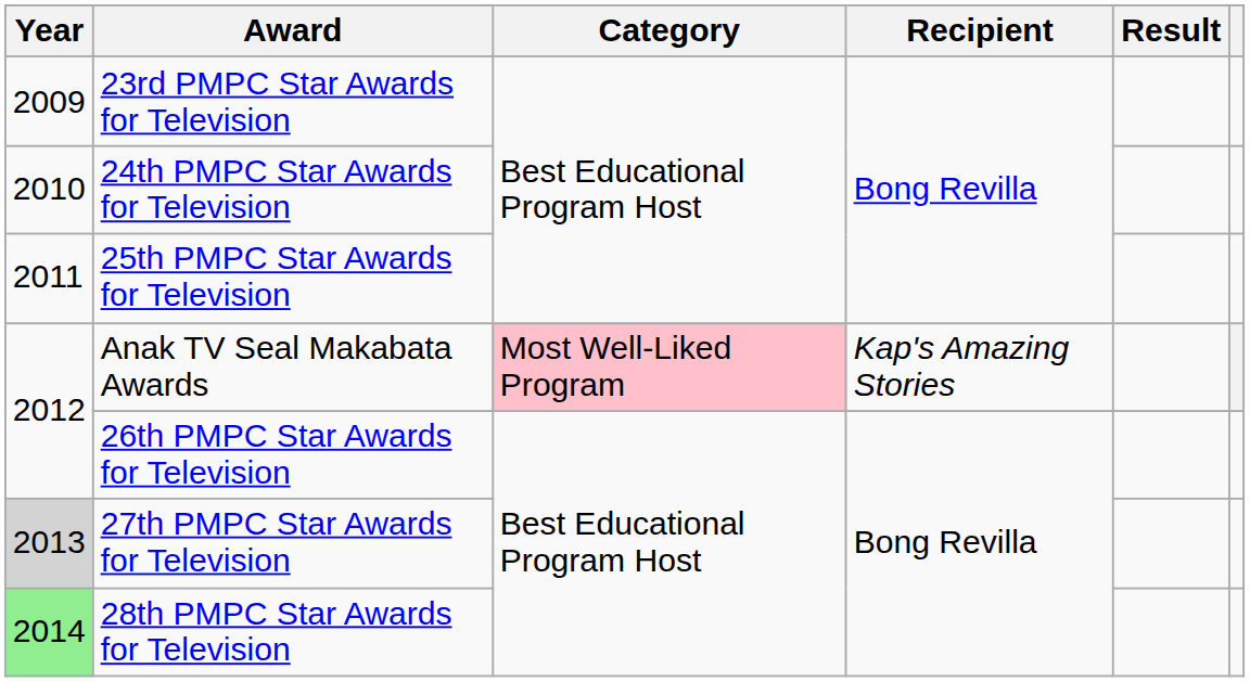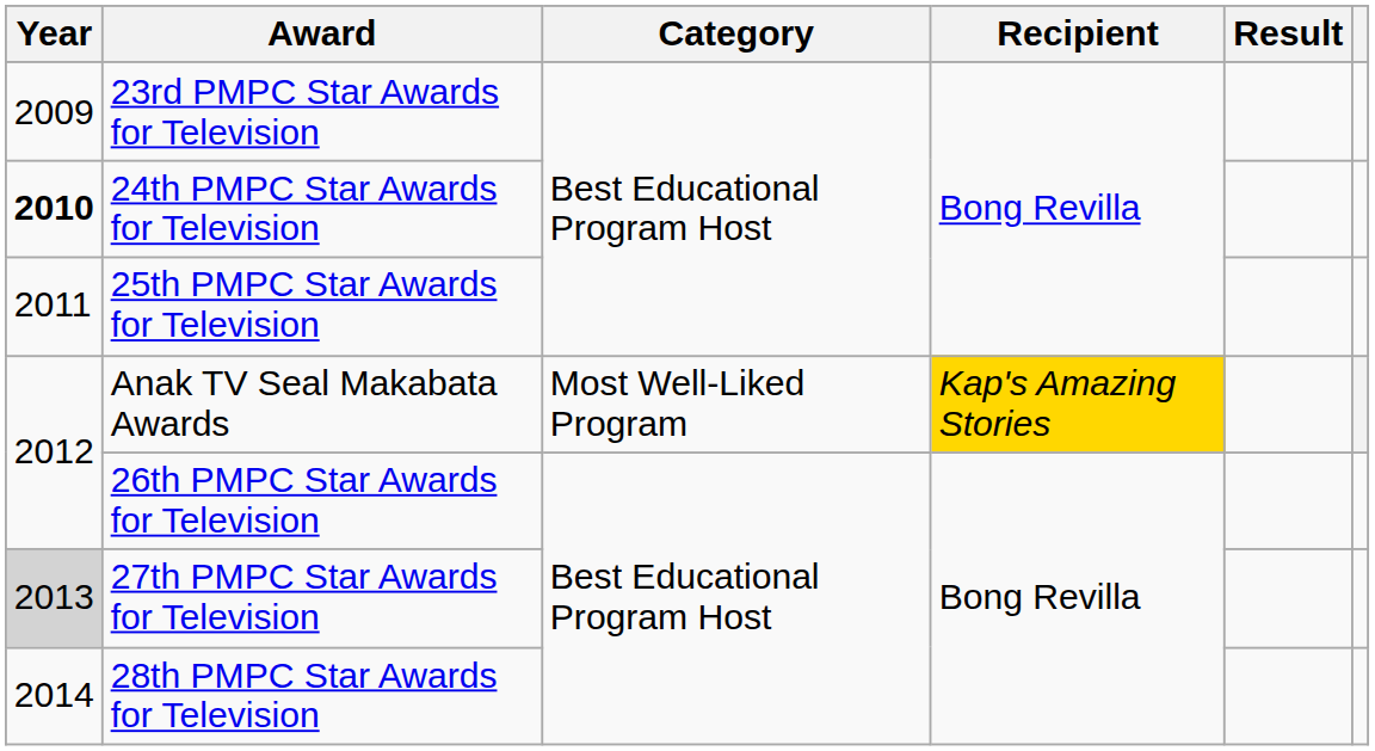 <table class="wikitable">
 <tr>
 <th>Year</th>
 <th>Award</th>
 <th>Category</th>
 <th>Recipient</th>
 <th>Result</th>
 <th></th>
 </tr>
 <tr>
 <td>2009</td>
 <td><a href='#'>23rd PMPC Star Awards for Television</a></td>
 <td rowspan=3>Best Educational Program Host</td>
 <td rowspan=3><a href='#'>Bong Revilla</a></td>
 <td></td>
 <td></td>
 </tr>
 <tr>
-<td>2010</td>
+<td><strong>2010</strong></td>
 <td><a href='#'>24th PMPC Star Awards for Television</a></td>
 <td></td>
 <td></td>
 </tr>
 <tr>
 <td>2011</td>
 <td><a href='#'>25th PMPC Star Awards for Television</a></td>
 <td></td>
 <td></td>
 </tr>
 <tr>
 <td rowspan=2>2012</td>
 <td>Anak TV Seal Makabata Awards</td>
-<td style="background: pink;">Most Well-Liked Program</td>
-<td><em>Kap's Amazing Stories</em></td>
+<td>Most Well-Liked Program</td>
+<td style="background: gold;"><em>Kap's Amazing Stories</em></td>
 <td></td>
 <th></th>
 </tr>
 <tr>
 <td><a href='#'>26th PMPC Star Awards for Television</a></td>
 <td rowspan=3>Best Educational Program Host</td>
 <td rowspan=3>Bong Revilla</td>
 <td></td>
 <td></td>
 </tr>
 <tr>
 <td style="background: lightgrey;">2013</td>
 <td><a href='#'>27th PMPC Star Awards for Television</a></td>
 <td></td>
 <td></td>
 </tr>
 <tr>
-<td style="background: lightgreen;">2014</td>
+<td>2014</td>
 <td><a href='#'>28th PMPC Star Awards for Television</a></td>
 <td></td>
 <td></td>
 </tr>
 </table>
